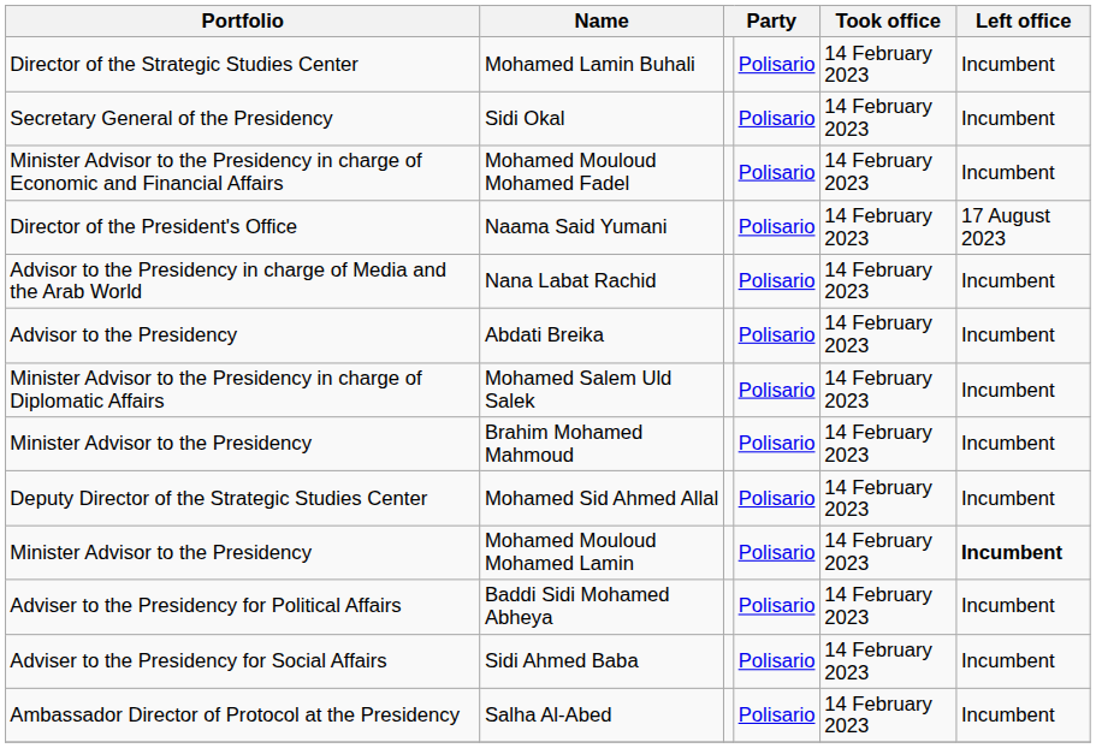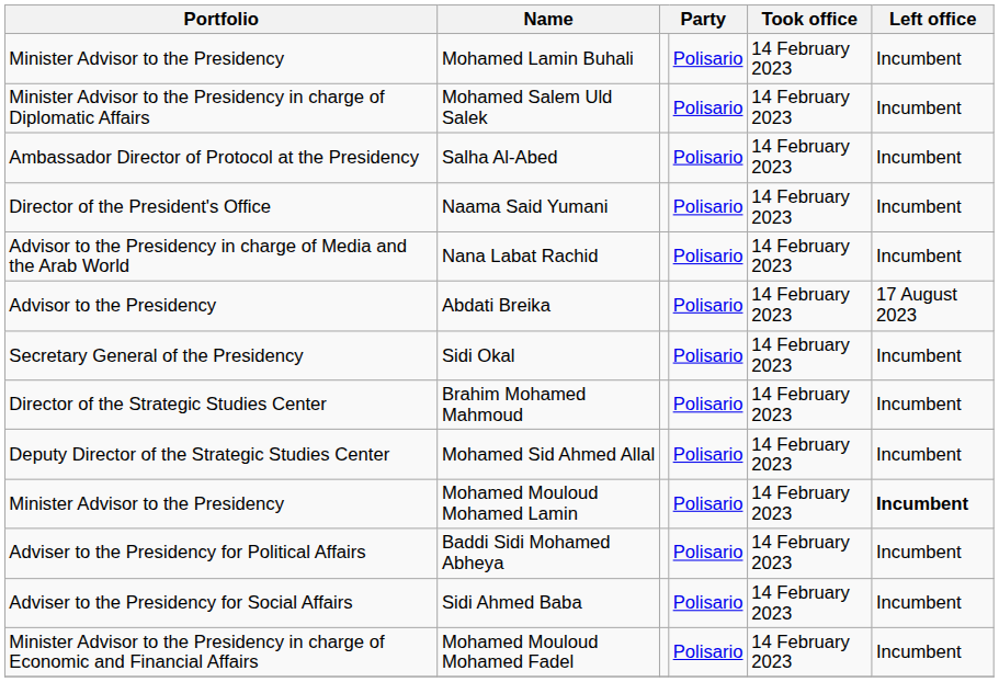 <table class="wikitable">
 <tr>
 <th scope="col">Portfolio</th>
 <th scope="col">Name</th>
 <th scope="col" colspan="2">Party</th>
 <th scope="col">Took office</th>
 <th scope="col">Left office</th>
 </tr>
 <tr>
-<td scope="row">Director of the Strategic Studies Center</td>
+<td scope="row">Minister Advisor to the Presidency</td>
 <td>Mohamed Lamin Buhali</td>
 <td width="1" style="color:inherit;background:"></td>
 <td><a href='#'>Polisario</a></td>
 <td>14 February 2023</td>
 <td>Incumbent</td>
 </tr>
 <tr>
-<td scope="row">Secretary General of the Presidency</td>
-<td>Sidi Okal</td>
+<td scope="row">Minister Advisor to the Presidency in charge of Diplomatic Affairs</td>
+<td>Mohamed Salem Uld Salek</td>
 <td width="1" style="color:inherit;background:"></td>
 <td><a href='#'>Polisario</a></td>
 <td>14 February 2023</td>
 <td>Incumbent</td>
 </tr>
 <tr>
-<td scope="row">Minister Advisor to the Presidency in charge of Economic and Financial Affairs</td>
-<td>Mohamed Mouloud Mohamed Fadel</td>
+<td scope="row">Ambassador Director of Protocol at the Presidency</td>
+<td>Salha Al-Abed</td>
 <td width="1" style="color:inherit;background:"></td>
 <td><a href='#'>Polisario</a></td>
 <td>14 February 2023</td>
 <td>Incumbent</td>
 </tr>
 <tr>
 <td scope="row">Director of the President's Office</td>
 <td>Naama Said Yumani</td>
 <td width="1" style="color:inherit;background:"></td>
 <td><a href='#'>Polisario</a></td>
 <td>14 February 2023</td>
-<td>17 August 2023</td>
+<td>Incumbent</td>
 </tr>
 <tr>
 <td scope="row">Advisor to the Presidency in charge of Media and the Arab World</td>
 <td>Nana Labat Rachid</td>
 <td width="1" style="color:inherit;background:"></td>
 <td><a href='#'>Polisario</a></td>
 <td>14 February 2023</td>
 <td>Incumbent</td>
 </tr>
 <tr>
 <td scope="row">Advisor to the Presidency</td>
 <td>Abdati Breika</td>
 <td width="1" style="color:inherit;background:"></td>
 <td><a href='#'>Polisario</a></td>
 <td>14 February 2023</td>
-<td>Incumbent</td>
+<td>17 August 2023</td>
 </tr>
 <tr>
-<td scope="row">Minister Advisor to the Presidency in charge of Diplomatic Affairs</td>
-<td>Mohamed Salem Uld Salek</td>
+<td scope="row">Secretary General of the Presidency</td>
+<td>Sidi Okal</td>
 <td width="1" style="color:inherit;background:"></td>
 <td><a href='#'>Polisario</a></td>
 <td>14 February 2023</td>
 <td>Incumbent</td>
 </tr>
 <tr>
-<td scope="row">Minister Advisor to the Presidency</td>
+<td scope="row">Director of the Strategic Studies Center</td>
 <td>Brahim Mohamed Mahmoud</td>
 <td width="1" style="color:inherit;background:"></td>
 <td><a href='#'>Polisario</a></td>
 <td>14 February 2023</td>
 <td>Incumbent</td>
 </tr>
 <tr>
 <td scope="row">Deputy Director of the Strategic Studies Center</td>
 <td>Mohamed Sid Ahmed Allal</td>
 <td width="1" style="color:inherit;background:"></td>
 <td><a href='#'>Polisario</a></td>
 <td>14 February 2023</td>
 <td>Incumbent</td>
 </tr>
 <tr>
 <td scope="row">Minister Advisor to the Presidency</td>
 <td>Mohamed Mouloud Mohamed Lamin</td>
 <td width="1" style="color:inherit;background:"></td>
 <td><a href='#'>Polisario</a></td>
 <td>14 February 2023</td>
 <td><strong>Incumbent</strong></td>
 </tr>
 <tr>
 <td scope="row">Adviser to the Presidency for Political Affairs</td>
 <td>Baddi Sidi Mohamed Abheya</td>
 <td width="1" style="color:inherit;background:"></td>
 <td><a href='#'>Polisario</a></td>
 <td>14 February 2023</td>
 <td>Incumbent</td>
 </tr>
 <tr>
 <td scope="row">Adviser to the Presidency for Social Affairs</td>
 <td>Sidi Ahmed Baba</td>
 <td width="1" style="color:inherit;background:"></td>
 <td><a href='#'>Polisario</a></td>
 <td>14 February 2023</td>
 <td>Incumbent</td>
 </tr>
 <tr>
-<td scope="row">Ambassador Director of Protocol at the Presidency</td>
-<td>Salha Al-Abed</td>
+<td scope="row">Minister Advisor to the Presidency in charge of Economic and Financial Affairs</td>
+<td>Mohamed Mouloud Mohamed Fadel</td>
 <td width="1" style="color:inherit;background:"></td>
 <td><a href='#'>Polisario</a></td>
 <td>14 February 2023</td>
 <td>Incumbent</td>
 </tr>
 <tr>
 </tr>
 </table>
